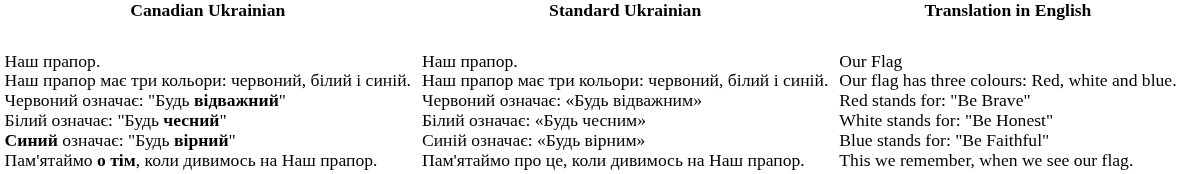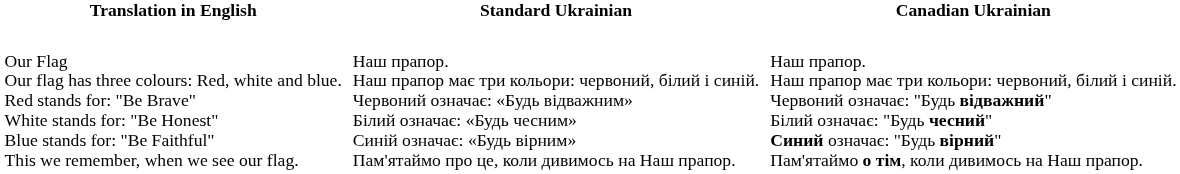 <table cellpadding=4>
 <tr>
+<th>Translation in English</th>
+<th>Standard Ukrainian</th>
 <th>Canadian Ukrainian</th>
-<th>Standard Ukrainian</th>
-<th>Translation in English</th>
 </tr>
 <tr style="vertical-align:top; white-space:wrap;">
+<td><br>Our Flag<br>Our flag has three colours: Red, white and blue.<br>Red stands for: "Be Brave"<br> White stands for: "Be Honest"<br> Blue stands for: "Be Faithful"<br>This we remember, when we see our flag.<br></td>
+<td><br>Наш прапор.<br>Наш прапор має три кольори: червоний, білий і синій.<br>Червоний означає: «Будь відважним»<br> Білий означає: «Будь чесним»<br> Синій означає: «Будь вірним»<br>Пам'ятаймо про це, коли дивимось на Наш прапор.<br></td>
 <td><br>Наш прапор.<br>Наш прапор має три кольори: червоний, білий і синій.<br>Червоний означає:  "Будь <strong>відважний</strong>"<br> Білий означає:  "Будь <strong>чесний</strong>"<br> <strong>Синий</strong> означає:  "Будь <strong>вірний</strong>"<br>Пам'ятаймо <strong>о тім</strong>, коли дивимось на Наш прапор.<br></td>
-<td><br>Наш прапор.<br>Наш прапор має три кольори: червоний, білий і синій.<br>Червоний означає: «Будь відважним»<br> Білий означає: «Будь чесним»<br> Синій означає: «Будь вірним»<br>Пам'ятаймо про це, коли дивимось на Наш прапор.<br></td>
-<td><br>Our Flag<br>Our flag has three colours: Red, white and blue.<br>Red stands for: "Be Brave"<br> White stands for: "Be Honest"<br> Blue stands for: "Be Faithful"<br>This we remember, when we see our flag.<br></td>
 </tr>
 </table>
